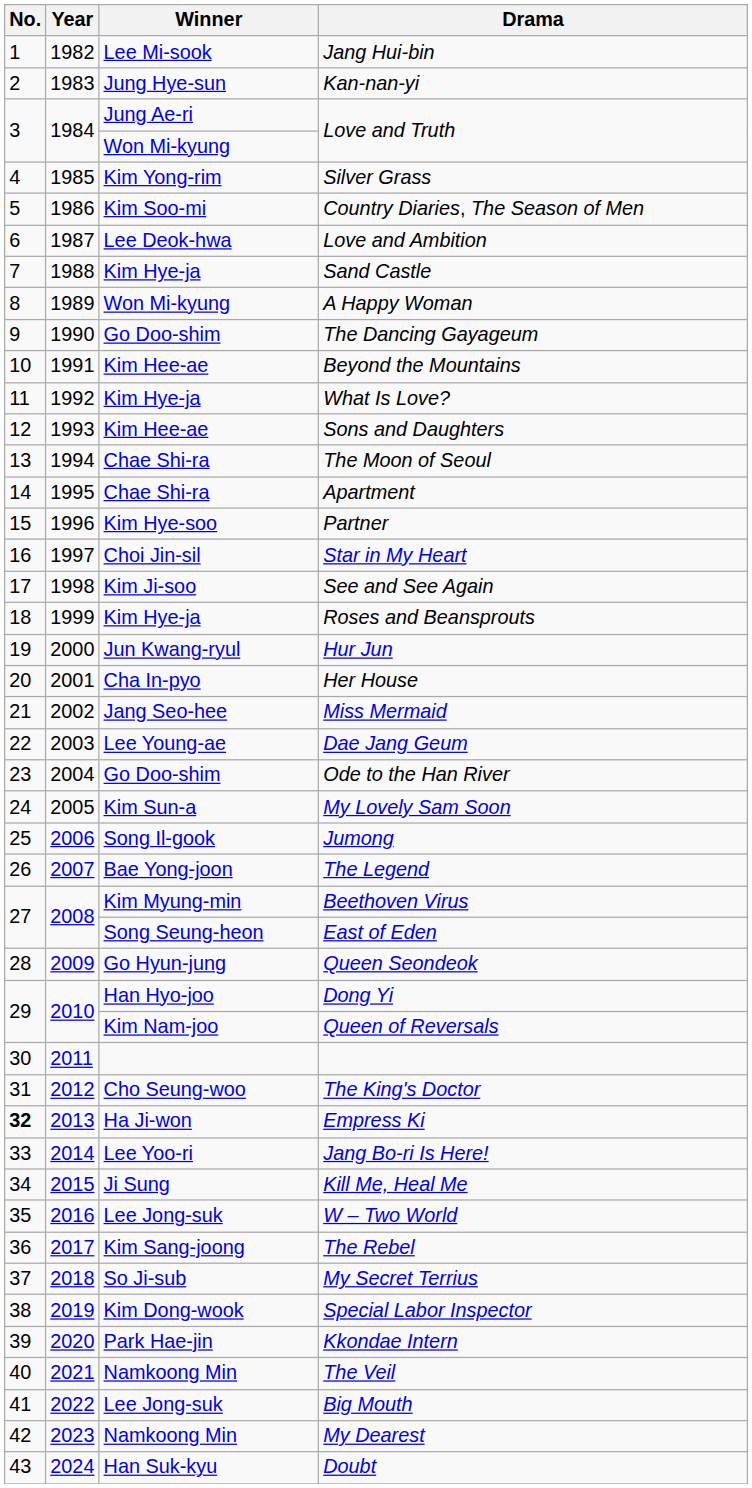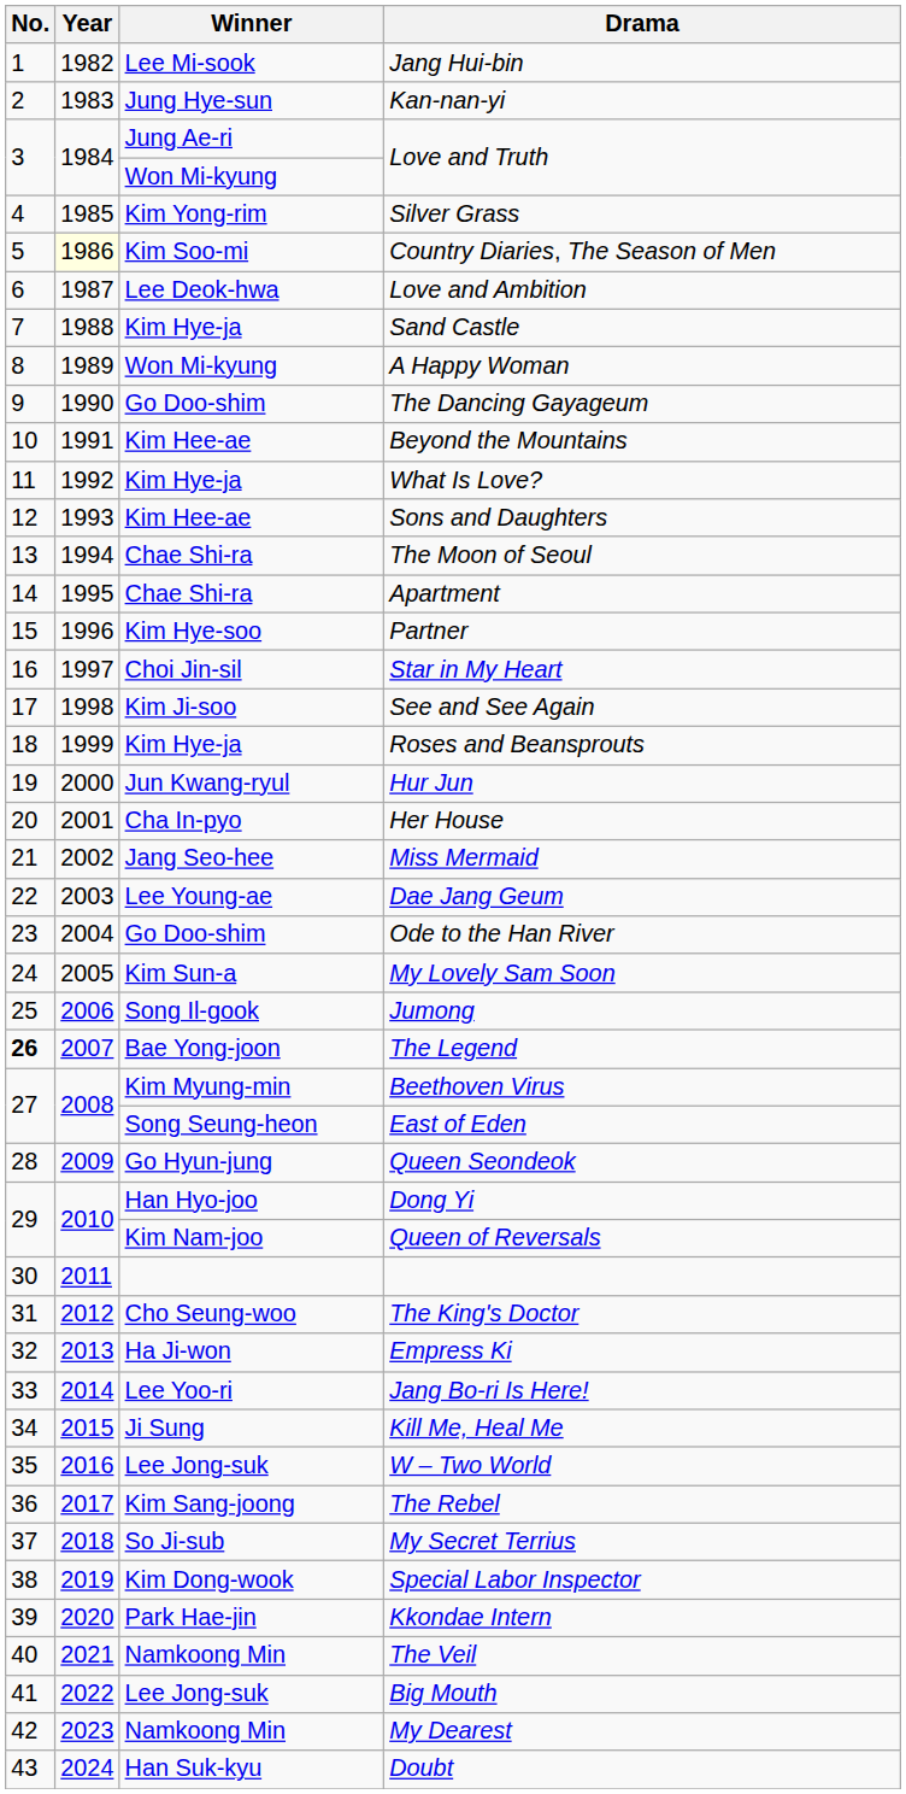 <table class="wikitable" style="width:600px">
 <tr>
 <th width=10>No.</th>
 <th width=10>Year</th>
 <th>Winner</th>
 <th>Drama</th>
 </tr>
 <tr>
 <td>1</td>
 <td>1982</td>
 <td><a href='#'>Lee Mi-sook</a></td>
 <td><em>Jang Hui-bin</em></td>
 </tr>
 <tr>
 <td>2</td>
 <td>1983</td>
 <td><a href='#'>Jung Hye-sun</a></td>
 <td><em>Kan-nan-yi</em></td>
 </tr>
 <tr>
 <td rowspan=2>3</td>
 <td rowspan=2>1984</td>
 <td><a href='#'>Jung Ae-ri</a></td>
 <td rowspan=2><em>Love and Truth</em></td>
 </tr>
 <tr>
 <td><a href='#'>Won Mi-kyung</a></td>
 </tr>
 <tr>
 <td>4</td>
 <td>1985</td>
 <td><a href='#'>Kim Yong-rim</a></td>
 <td><em>Silver Grass</em></td>
 </tr>
 <tr>
 <td>5</td>
-<td>1986</td>
+<td style="background: lightyellow;">1986</td>
 <td><a href='#'>Kim Soo-mi</a></td>
 <td><em>Country Diaries</em>, <em>The Season of Men</em></td>
 </tr>
 <tr>
 <td>6</td>
 <td>1987</td>
 <td><a href='#'>Lee Deok-hwa</a></td>
 <td><em>Love and Ambition</em></td>
 </tr>
 <tr>
 <td>7</td>
 <td>1988</td>
 <td><a href='#'>Kim Hye-ja</a></td>
 <td><em>Sand Castle</em></td>
 </tr>
 <tr>
 <td>8</td>
 <td>1989</td>
 <td><a href='#'>Won Mi-kyung</a></td>
 <td><em>A Happy Woman</em></td>
 </tr>
 <tr>
 <td>9</td>
 <td>1990</td>
 <td><a href='#'>Go Doo-shim</a></td>
 <td><em>The Dancing Gayageum</em></td>
 </tr>
 <tr>
 <td>10</td>
 <td>1991</td>
 <td><a href='#'>Kim Hee-ae</a></td>
 <td><em>Beyond the Mountains</em></td>
 </tr>
 <tr>
 <td>11</td>
 <td>1992</td>
 <td><a href='#'>Kim Hye-ja</a></td>
 <td><em>What Is Love?</em></td>
 </tr>
 <tr>
 <td>12</td>
 <td>1993</td>
 <td><a href='#'>Kim Hee-ae</a></td>
 <td><em>Sons and Daughters</em></td>
 </tr>
 <tr>
 <td>13</td>
 <td>1994</td>
 <td><a href='#'>Chae Shi-ra</a></td>
 <td><em>The Moon of Seoul</em></td>
 </tr>
 <tr>
 <td>14</td>
 <td>1995</td>
 <td><a href='#'>Chae Shi-ra</a></td>
 <td><em>Apartment</em></td>
 </tr>
 <tr>
 <td>15</td>
 <td>1996</td>
 <td><a href='#'>Kim Hye-soo</a></td>
 <td><em>Partner</em></td>
 </tr>
 <tr>
 <td>16</td>
 <td>1997</td>
 <td><a href='#'>Choi Jin-sil</a></td>
 <td><em><a href='#'>Star in My Heart</a></em></td>
 </tr>
 <tr>
 <td>17</td>
 <td>1998</td>
 <td><a href='#'>Kim Ji-soo</a></td>
 <td><em>See and See Again</em></td>
 </tr>
 <tr>
 <td>18</td>
 <td>1999</td>
 <td><a href='#'>Kim Hye-ja</a></td>
 <td><em>Roses and Beansprouts</em></td>
 </tr>
 <tr>
 <td>19</td>
 <td>2000</td>
 <td><a href='#'>Jun Kwang-ryul</a></td>
 <td><em><a href='#'>Hur Jun</a></em></td>
 </tr>
 <tr>
 <td>20</td>
 <td>2001</td>
 <td><a href='#'>Cha In-pyo</a></td>
 <td><em>Her House</em></td>
 </tr>
 <tr>
 <td>21</td>
 <td>2002</td>
 <td><a href='#'>Jang Seo-hee</a></td>
 <td><em><a href='#'>Miss Mermaid</a></em></td>
 </tr>
 <tr>
 <td>22</td>
 <td>2003</td>
 <td><a href='#'>Lee Young-ae</a></td>
 <td><em><a href='#'>Dae Jang Geum</a></em></td>
 </tr>
 <tr>
 <td>23</td>
 <td>2004</td>
 <td><a href='#'>Go Doo-shim</a></td>
 <td><em>Ode to the Han River</em></td>
 </tr>
 <tr>
 <td>24</td>
 <td>2005</td>
 <td><a href='#'>Kim Sun-a</a></td>
 <td><em><a href='#'>My Lovely Sam Soon</a></em></td>
 </tr>
 <tr>
 <td>25</td>
 <td><a href='#'>2006</a></td>
 <td><a href='#'>Song Il-gook</a></td>
 <td><em><a href='#'>Jumong</a></em></td>
 </tr>
 <tr>
-<td>26</td>
+<td><strong>26</strong></td>
 <td><a href='#'>2007</a></td>
 <td><a href='#'>Bae Yong-joon</a></td>
 <td><em><a href='#'>The Legend</a></em></td>
 </tr>
 <tr>
 <td rowspan=2>27</td>
 <td rowspan=2><a href='#'>2008</a></td>
 <td><a href='#'>Kim Myung-min</a></td>
 <td><em><a href='#'>Beethoven Virus</a></em></td>
 </tr>
 <tr>
 <td><a href='#'>Song Seung-heon</a></td>
 <td><em><a href='#'>East of Eden</a></em></td>
 </tr>
 <tr>
 <td>28</td>
 <td><a href='#'>2009</a></td>
 <td><a href='#'>Go Hyun-jung</a></td>
 <td><em><a href='#'>Queen Seondeok</a></em></td>
 </tr>
 <tr>
 <td rowspan=2>29</td>
 <td rowspan=2><a href='#'>2010</a></td>
 <td><a href='#'>Han Hyo-joo</a></td>
 <td><em><a href='#'>Dong Yi</a></em></td>
 </tr>
 <tr>
 <td><a href='#'>Kim Nam-joo</a></td>
 <td><em><a href='#'>Queen of Reversals</a></em></td>
 </tr>
 <tr>
 <td>30</td>
 <td><a href='#'>2011</a></td>
 <td></td>
 <td></td>
 </tr>
 <tr>
 <td>31</td>
 <td><a href='#'>2012</a></td>
 <td><a href='#'>Cho Seung-woo</a></td>
 <td><em><a href='#'>The King's Doctor</a></em></td>
 </tr>
 <tr>
-<td><strong>32</strong></td>
+<td>32</td>
 <td><a href='#'>2013</a></td>
 <td><a href='#'>Ha Ji-won</a></td>
 <td><em><a href='#'>Empress Ki</a></em></td>
 </tr>
 <tr>
 <td>33</td>
 <td><a href='#'>2014</a></td>
 <td><a href='#'>Lee Yoo-ri</a></td>
 <td><em><a href='#'>Jang Bo-ri Is Here!</a></em></td>
 </tr>
 <tr>
 <td>34</td>
 <td><a href='#'>2015</a></td>
 <td><a href='#'>Ji Sung</a></td>
 <td><em><a href='#'>Kill Me, Heal Me</a></em></td>
 </tr>
 <tr>
 <td>35</td>
 <td><a href='#'>2016</a></td>
 <td><a href='#'>Lee Jong-suk</a></td>
 <td><em><a href='#'>W – Two World</a></em></td>
 </tr>
 <tr>
 <td>36</td>
 <td><a href='#'>2017</a></td>
 <td><a href='#'>Kim Sang-joong</a></td>
 <td><em><a href='#'>The Rebel</a></em></td>
 </tr>
 <tr>
 <td>37</td>
 <td><a href='#'>2018</a></td>
 <td><a href='#'>So Ji-sub</a></td>
 <td><em><a href='#'>My Secret Terrius</a></em></td>
 </tr>
 <tr>
 <td>38</td>
 <td><a href='#'>2019</a></td>
 <td><a href='#'>Kim Dong-wook</a></td>
 <td><em><a href='#'>Special Labor Inspector</a></em></td>
 </tr>
 <tr>
 <td>39</td>
 <td><a href='#'>2020</a></td>
 <td><a href='#'>Park Hae-jin</a></td>
 <td><em><a href='#'>Kkondae Intern</a></em></td>
 </tr>
 <tr>
 <td>40</td>
 <td><a href='#'>2021</a></td>
 <td><a href='#'>Namkoong Min</a></td>
 <td><em><a href='#'>The Veil</a></em></td>
 </tr>
 <tr>
 <td>41</td>
 <td><a href='#'>2022</a></td>
 <td><a href='#'>Lee Jong-suk</a></td>
 <td><em><a href='#'>Big Mouth</a></em></td>
 </tr>
 <tr>
 <td>42</td>
 <td><a href='#'>2023</a></td>
 <td><a href='#'>Namkoong Min</a></td>
 <td><em><a href='#'>My Dearest</a></em></td>
 </tr>
 <tr>
 <td>43</td>
 <td><a href='#'>2024</a></td>
 <td><a href='#'>Han Suk-kyu</a></td>
 <td><em><a href='#'>Doubt</a></em></td>
 </tr>
 </table>
